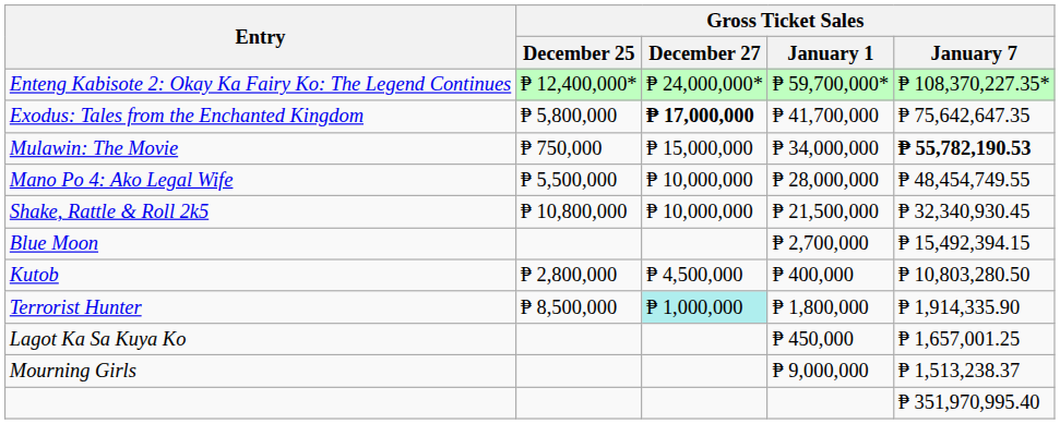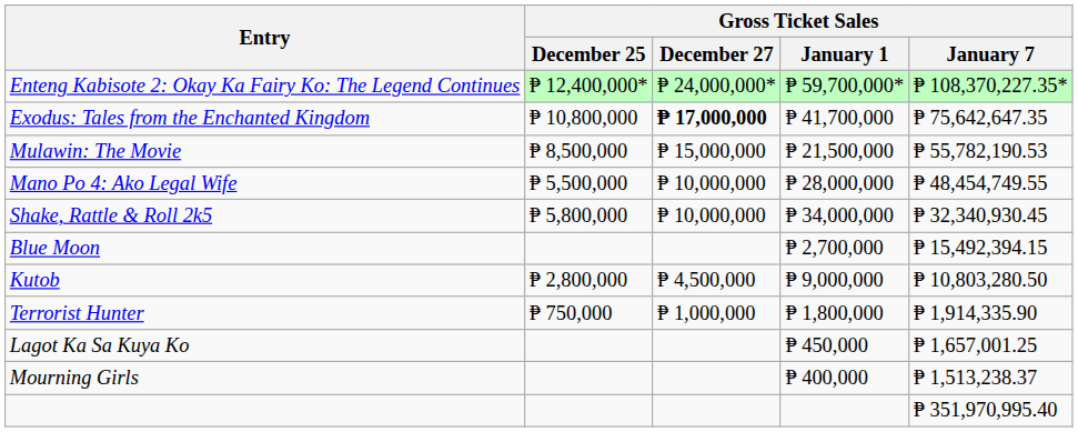 <table class="wikitable sortable" style="text align: center">
 <tr bgcolor="#efefef">
 <th rowspan=2>Entry</th>
 <th colspan=6>Gross Ticket Sales</th>
 </tr>
 <tr>
 <th>December 25</th>
 <th>December 27</th>
 <th>January 1</th>
 <th>January 7</th>
 </tr>
 <tr>
 <td><em><a href='#'>Enteng Kabisote 2: Okay Ka Fairy Ko: The Legend Continues</a></em></td>
 <td data-sort-value="1" style="background:#BFFFC0;">₱ 12,400,000*</td>
 <td data-sort-value="1" style="background:#BFFFC0;">₱ 24,000,000*</td>
 <td data-sort-value="1" style="background:#BFFFC0;">₱ 59,700,000*</td>
 <td data-sort-value="1" style="background:#BFFFC0;">₱ 108,370,227.35*</td>
 </tr>
 <tr>
 <td><em><a href='#'>Exodus: Tales from the Enchanted Kingdom</a></em></td>
-<td data-sort-value="4">₱ 5,800,000</td>
+<td data-sort-value="2">₱ 10,800,000</td>
 <td data-sort-value="2"><strong>₱ 17,000,000</strong></td>
 <td data-sort-value="2">₱ 41,700,000</td>
 <td data-sort-value="2">₱ 75,642,647.35</td>
 </tr>
 <tr>
 <td><em><a href='#'>Mulawin: The Movie</a></em></td>
-<td data-sort-value="7">₱ 750,000</td>
+<td data-sort-value="3">₱ 8,500,000</td>
 <td data-sort-value="3">₱ 15,000,000</td>
-<td data-sort-value="3">₱ 34,000,000</td>
-<td data-sort-value="3"><strong>₱ 55,782,190.53</strong></td>
+<td data-sort-value="5">₱ 21,500,000</td>
+<td data-sort-value="3">₱ 55,782,190.53</td>
 </tr>
 <tr>
 <td><em><a href='#'>Mano Po 4: Ako Legal Wife</a></em></td>
 <td data-sort-value="5">₱ 5,500,000</td>
 <td data-sort-value="5">₱ 10,000,000</td>
 <td data-sort-value="4">₱ 28,000,000</td>
 <td data-sort-value="4">₱ 48,454,749.55</td>
 </tr>
 <tr>
 <td><em><a href='#'>Shake, Rattle & Roll 2k5</a></em></td>
-<td data-sort-value="2">₱ 10,800,000</td>
+<td data-sort-value="4">₱ 5,800,000</td>
 <td data-sort-value="4">₱ 10,000,000</td>
-<td data-sort-value="5">₱ 21,500,000</td>
+<td data-sort-value="3">₱ 34,000,000</td>
 <td data-sort-value="5">₱ 32,340,930.45</td>
 </tr>
 <tr>
 <td><em><a href='#'>Blue Moon</a></em></td>
 <td data-sort-value="8"></td>
 <td data-sort-value="8"></td>
 <td data-sort-value="7">₱ 2,700,000</td>
 <td data-sort-value="6">₱ 15,492,394.15</td>
 </tr>
 <tr>
 <td><em><a href='#'>Kutob</a></em></td>
 <td data-sort-value="6">₱ 2,800,000</td>
 <td data-sort-value="6">₱ 4,500,000</td>
-<td data-sort-value="10">₱ 400,000</td>
+<td data-sort-value="6">₱ 9,000,000</td>
 <td data-sort-value="7">₱ 10,803,280.50</td>
 </tr>
 <tr>
 <td><em><a href='#'>Terrorist Hunter</a></em></td>
-<td data-sort-value="3">₱ 8,500,000</td>
-<td data-sort-value="7" style="background: paleturquoise;">₱ 1,000,000</td>
+<td data-sort-value="7">₱ 750,000</td>
+<td data-sort-value="7">₱ 1,000,000</td>
 <td data-sort-value="8">₱ 1,800,000</td>
 <td data-sort-value="8">₱ 1,914,335.90</td>
 </tr>
 <tr>
 <td><em>Lagot Ka Sa Kuya Ko</em></td>
 <td data-sort-value="9"></td>
 <td data-sort-value="9"></td>
 <td data-sort-value="9">₱ 450,000</td>
 <td data-sort-value="9">₱ 1,657,001.25</td>
 </tr>
 <tr>
 <td><em>Mourning Girls</em></td>
 <td data-sort-value="10"></td>
 <td data-sort-value="10"></td>
-<td data-sort-value="6">₱ 9,000,000</td>
+<td data-sort-value="10">₱ 400,000</td>
 <td data-sort-value="10">₱ 1,513,238.37</td>
 </tr>
 <tr>
 <td></td>
 <td></td>
 <td></td>
 <td><strong></strong></td>
 <td>₱ 351,970,995.40</td>
 </tr>
 </table>
